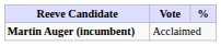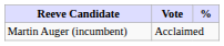 <table class="wikitable">
 <tr>
 <th style="background:#ddf; width:200px;">Reeve Candidate</th>
 <th style="background:#ddf; width:50px;">Vote</th>
 <th style="background:#ddf; width:30px;">%</th>
 </tr>
 <tr>
-<td><strong>Martin Auger (incumbent)</strong></td>
+<td>Martin Auger (incumbent)</td>
 <td colspan="2">Acclaimed</td>
 </tr>
 </table>
